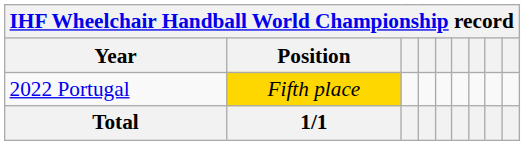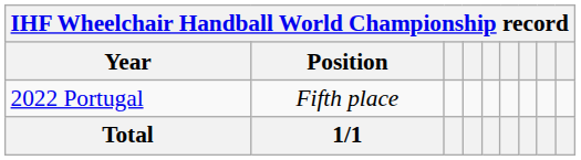 <table class="wikitable" style="text-align: center;">
 <tr>
 <th colspan=10><a href='#'>IHF Wheelchair Handball World Championship</a> record</th>
 </tr>
 <tr>
 <th>Year</th>
 <th>Position</th>
 <th></th>
 <th></th>
 <th></th>
 <th></th>
 <th></th>
 <th></th>
 <th></th>
 </tr>
 <tr>
 <td align=left> <a href='#'>2022 Portugal</a></td>
-<td style="background: gold;"><em>Fifth place</em></td>
+<td><em>Fifth place</em></td>
 <td></td>
 <td></td>
 <td></td>
 <td></td>
 <td></td>
 <td></td>
 <td></td>
 </tr>
 <tr>
 <th>Total</th>
 <th>1/1</th>
 <th></th>
 <th></th>
 <th></th>
 <th></th>
 <th></th>
 <th></th>
 <th></th>
 </tr>
 </table>
